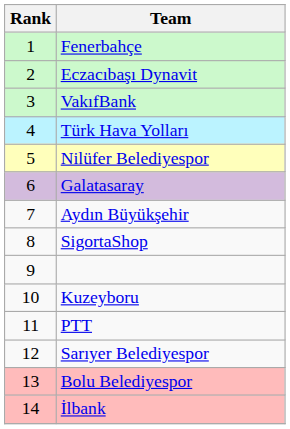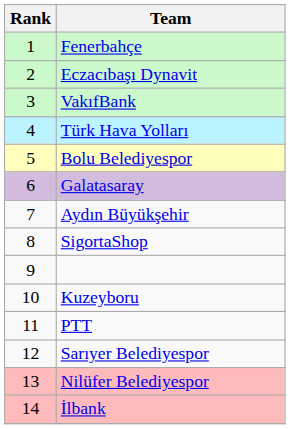 <table class="wikitable" style="text-align: center;">
 <tr>
 <th style="width: 40px;">Rank</th>
 <th style="width: 200px;">Team</th>
 </tr>
 <tr bgcolor=#CCF9CC>
 <td>1</td>
 <td style="text-align: left;"><a href='#'>Fenerbahçe</a></td>
 </tr>
 <tr bgcolor=#CCF9CC>
 <td>2</td>
 <td style="text-align: left;"><a href='#'>Eczacıbaşı Dynavit</a></td>
 </tr>
 <tr bgcolor=#CCF9CC>
 <td>3</td>
 <td style="text-align: left;"><a href='#'>VakıfBank</a></td>
 </tr>
 <tr bgcolor=#BBF3FF>
 <td>4</td>
 <td style="text-align: left;"><a href='#'>Türk Hava Yolları</a></td>
 </tr>
 <tr bgcolor=#FFFFBB>
 <td>5</td>
-<td style="text-align: left;"><a href='#'>Nilüfer Belediyespor</a></td>
+<td style="text-align: left;"><a href='#'>Bolu Belediyespor</a></td>
 </tr>
 <tr bgcolor=#D3BBDD>
 <td>6</td>
 <td style="text-align: left;"><a href='#'>Galatasaray</a></td>
 </tr>
 <tr>
 <td>7</td>
 <td style="text-align: left;"><a href='#'>Aydın Büyükşehir</a></td>
 </tr>
 <tr>
 <td>8</td>
 <td style="text-align: left;"><a href='#'>SigortaShop</a></td>
 </tr>
 <tr>
 <td>9</td>
 <td style="text-align: left;"></td>
 </tr>
 <tr>
 <td>10</td>
 <td style="text-align: left;"><a href='#'>Kuzeyboru</a></td>
 </tr>
 <tr>
 <td>11</td>
 <td style="text-align: left;"><a href='#'>PTT</a></td>
 </tr>
 <tr>
 <td>12</td>
 <td style="text-align: left;"><a href='#'>Sarıyer Belediyespor</a></td>
 </tr>
 <tr bgcolor=#FFBBBB>
 <td>13</td>
-<td style="text-align: left;"><a href='#'>Bolu Belediyespor</a></td>
+<td style="text-align: left;"><a href='#'>Nilüfer Belediyespor</a></td>
 </tr>
 <tr bgcolor=#FFBBBB>
 <td>14</td>
 <td style="text-align: left;"><a href='#'>İlbank</a></td>
 </tr>
 <tr>
 </tr>
 </table>
